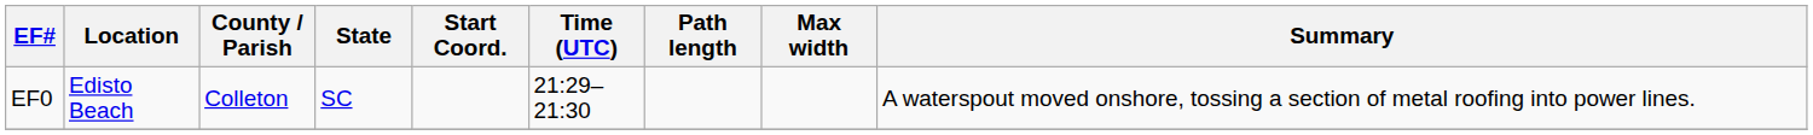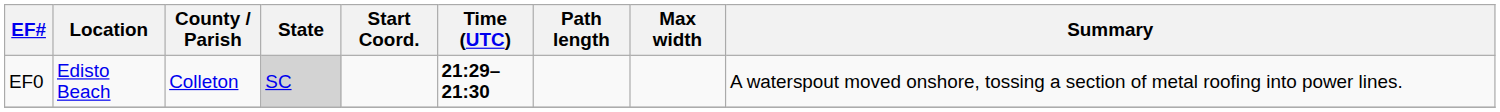 <table class="wikitable sortable" style="width:100%;">
 <tr>
 <th scope="col"  style="width:3%; text-align:center;"><a href='#'>EF#</a></th>
 <th scope="col"  style="width:7%; text-align:center;" class="unsortable">Location</th>
 <th scope="col"  style="width:6%; text-align:center;" class="unsortable">County / Parish</th>
 <th scope="col"  style="width:5%; text-align:center;">State</th>
 <th scope="col"  style="width:6%; text-align:center;">Start Coord.</th>
 <th scope="col"  style="width:6%; text-align:center;">Time (<a href='#'>UTC</a>)</th>
 <th scope="col"  style="width:6%; text-align:center;">Path length</th>
 <th scope="col"  style="width:6%; text-align:center;">Max width</th>
 <th scope="col" class="unsortable" style="width:48%; text-align:center;">Summary</th>
 </tr>
 <tr>
 <td>EF0</td>
 <td><a href='#'>Edisto Beach</a></td>
 <td><a href='#'>Colleton</a></td>
-<td><a href='#'>SC</a></td>
+<td style="background: lightgrey;"><a href='#'>SC</a></td>
 <td></td>
-<td>21:29–21:30</td>
+<td><strong>21:29–21:30</strong></td>
 <td></td>
 <td></td>
 <td>A waterspout moved onshore, tossing a section of metal roofing into power lines.</td>
 </tr>
 <tr>
 </tr>
 </table>
